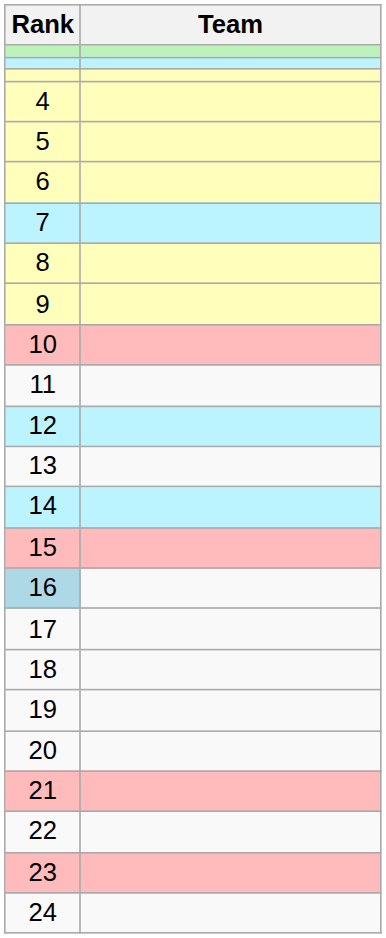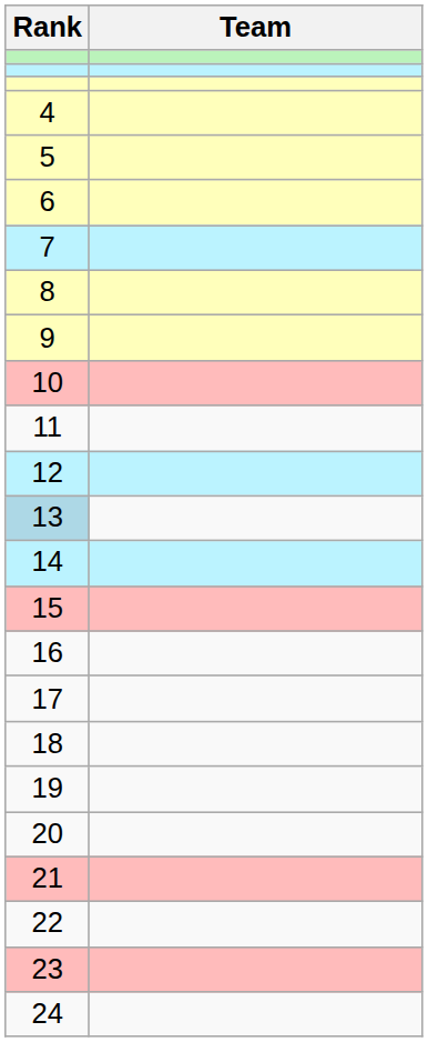 <table class="wikitable">
 <tr>
 <th width=40>Rank</th>
 <th width=180>Team</th>
 </tr>
 <tr bgcolor=#BBF3BB>
 <td align=center></td>
 <td></td>
 </tr>
 <tr bgcolor=#BBF3FF>
 <td align=center></td>
 <td></td>
 </tr>
 <tr bgcolor=#FFFFBB>
 <td align=center></td>
 <td></td>
 </tr>
 <tr bgcolor=#FFFFBB>
 <td align=center>4</td>
 <td></td>
 </tr>
 <tr bgcolor=#FFFFBB>
 <td align=center>5</td>
 <td></td>
 </tr>
 <tr bgcolor=#FFFFBB>
 <td align=center>6</td>
 <td></td>
 </tr>
 <tr bgcolor=#BBF3FF>
 <td align=center>7</td>
 <td></td>
 </tr>
 <tr bgcolor=#FFFFBB>
 <td align=center>8</td>
 <td></td>
 </tr>
 <tr bgcolor=#FFFFBB>
 <td align=center>9</td>
 <td></td>
 </tr>
 <tr bgcolor=#FFBBBB>
 <td align=center>10</td>
 <td></td>
 </tr>
 <tr>
 <td align=center>11</td>
 <td></td>
 </tr>
 <tr bgcolor=#BBF3FF>
 <td align=center>12</td>
 <td></td>
 </tr>
 <tr>
-<td align=center>13</td>
+<td align=center style="background: lightblue;">13</td>
 <td></td>
 </tr>
 <tr bgcolor=#BBF3FF>
 <td align=center>14</td>
 <td></td>
 </tr>
 <tr bgcolor=#FFBBBB>
 <td align=center>15</td>
 <td></td>
 </tr>
 <tr>
-<td align=center style="background: lightblue;">16</td>
+<td align=center>16</td>
 <td></td>
 </tr>
 <tr>
 <td align=center>17</td>
 <td></td>
 </tr>
 <tr>
 <td align=center>18</td>
 <td></td>
 </tr>
 <tr>
 <td align=center>19</td>
 <td></td>
 </tr>
 <tr>
 <td align=center>20</td>
 <td></td>
 </tr>
 <tr bgcolor=#FFBBBB>
 <td align=center>21</td>
 <td></td>
 </tr>
 <tr>
 <td align=center>22</td>
 <td></td>
 </tr>
 <tr bgcolor=#FFBBBB>
 <td align=center>23</td>
 <td></td>
 </tr>
 <tr>
 <td align=center>24</td>
 <td></td>
 </tr>
 </table>
